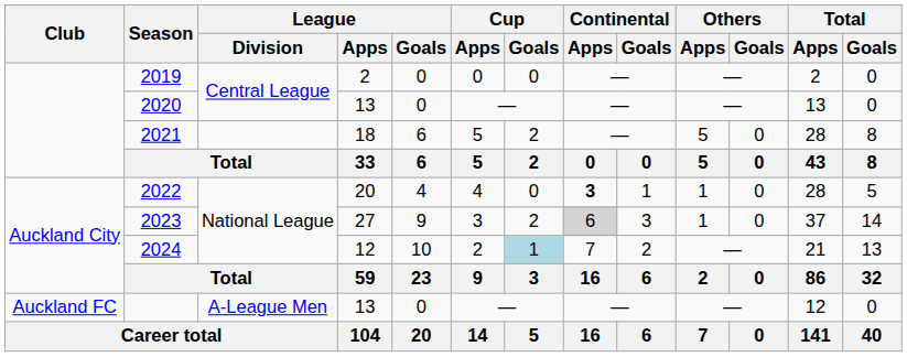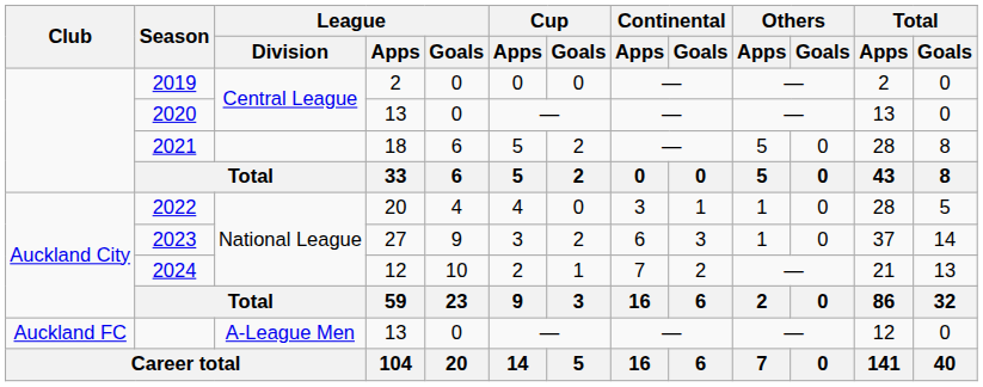 <table class="wikitable" style="text-align: center;">
 <tr>
 <th rowspan=2>Club</th>
 <th rowspan=2>Season</th>
 <th colspan=3>League</th>
 <th colspan=2>Cup</th>
 <th colspan=2>Continental</th>
 <th colspan=2>Others</th>
 <th colspan=2>Total</th>
 </tr>
 <tr>
 <th>Division</th>
 <th>Apps</th>
 <th>Goals</th>
 <th>Apps</th>
 <th>Goals</th>
 <th>Apps</th>
 <th>Goals</th>
 <th>Apps</th>
 <th>Goals</th>
 <th>Apps</th>
 <th>Goals</th>
 </tr>
 <tr>
 <td rowspan=4></td>
 <td><a href='#'>2019</a></td>
 <td rowspan=2><a href='#'>Central League</a></td>
 <td>2</td>
 <td>0</td>
 <td>0</td>
 <td>0</td>
 <td colspan=2>—</td>
 <td colspan=2>—</td>
 <td>2</td>
 <td>0</td>
 </tr>
 <tr>
 <td><a href='#'>2020</a></td>
 <td>13</td>
 <td>0</td>
 <td colspan=2>—</td>
 <td colspan=2>—</td>
 <td colspan=2>—</td>
 <td>13</td>
 <td>0</td>
 </tr>
 <tr>
 <td><a href='#'>2021</a></td>
 <td></td>
 <td>18</td>
 <td>6</td>
 <td>5</td>
 <td>2</td>
 <td colspan=2>—</td>
 <td>5</td>
 <td>0</td>
 <td>28</td>
 <td>8</td>
 </tr>
 <tr>
 <th colspan=2>Total</th>
 <th>33</th>
 <th>6</th>
 <th>5</th>
 <th>2</th>
 <th>0</th>
 <th>0</th>
 <th>5</th>
 <th>0</th>
 <th>43</th>
 <th>8</th>
 </tr>
 <tr>
 <td rowspan=4><a href='#'>Auckland City</a></td>
 <td><a href='#'>2022</a></td>
 <td rowspan=3>National League</td>
 <td>20</td>
 <td>4</td>
 <td>4</td>
 <td>0</td>
-<td><strong>3</strong></td>
+<td>3</td>
 <td>1</td>
 <td>1</td>
 <td>0</td>
 <td>28</td>
 <td>5</td>
 </tr>
 <tr>
 <td><a href='#'>2023</a></td>
 <td>27</td>
 <td>9</td>
 <td>3</td>
 <td>2</td>
-<td style="background: lightgrey;">6</td>
+<td>6</td>
 <td>3</td>
 <td>1</td>
 <td>0</td>
 <td>37</td>
 <td>14</td>
 </tr>
 <tr>
 <td><a href='#'>2024</a></td>
 <td>12</td>
 <td>10</td>
 <td>2</td>
-<td style="background: lightblue;">1</td>
+<td>1</td>
 <td>7</td>
 <td>2</td>
 <td colspan=2>—</td>
 <td>21</td>
 <td>13</td>
 </tr>
 <tr>
 <th colspan=2>Total</th>
 <th>59</th>
 <th>23</th>
 <th>9</th>
 <th>3</th>
 <th>16</th>
 <th>6</th>
 <th>2</th>
 <th>0</th>
 <th>86</th>
 <th>32</th>
 </tr>
 <tr>
 <td rowspan=1><a href='#'>Auckland FC</a></td>
 <td></td>
 <td><a href='#'>A-League Men</a></td>
 <td>13</td>
 <td>0</td>
 <td colspan=2>—</td>
 <td colspan=2>—</td>
 <td colspan=2>—</td>
 <td>12</td>
 <td>0</td>
 </tr>
 <tr>
 <th colspan=3>Career total</th>
 <th>104</th>
 <th>20</th>
 <th>14</th>
 <th>5</th>
 <th>16</th>
 <th>6</th>
 <th>7</th>
 <th>0</th>
 <th>141</th>
 <th>40</th>
 </tr>
 </table>
